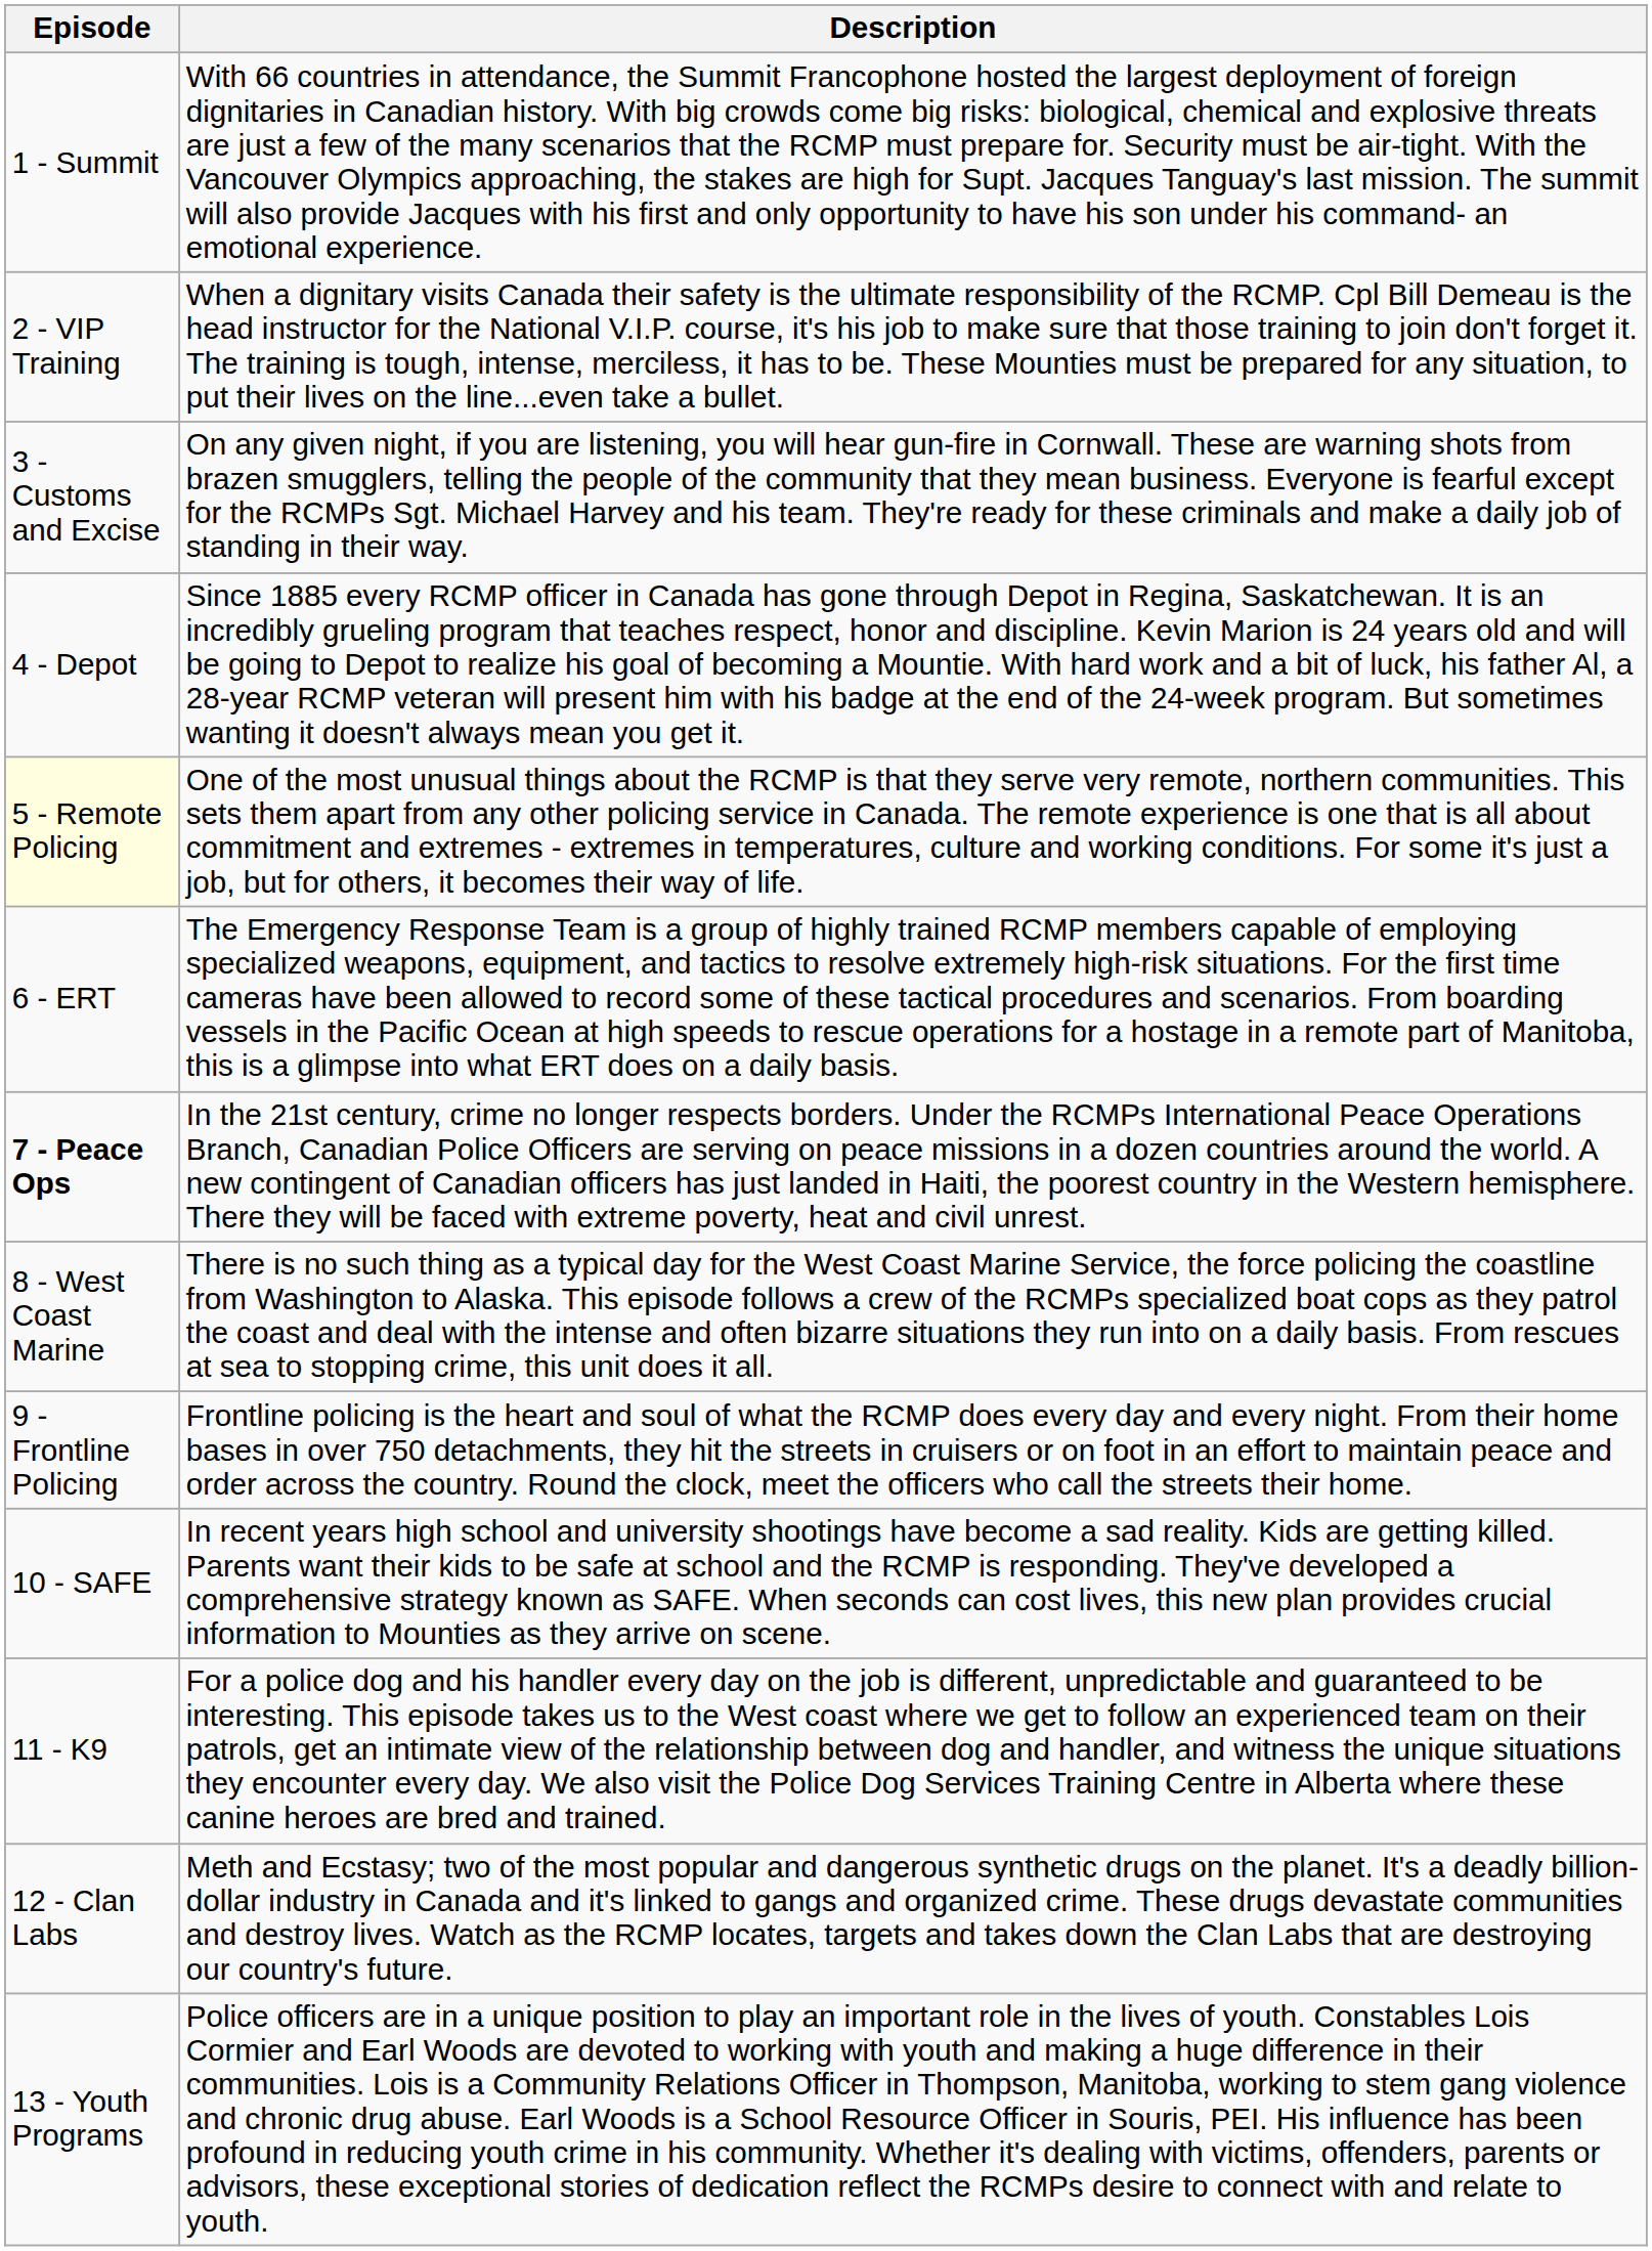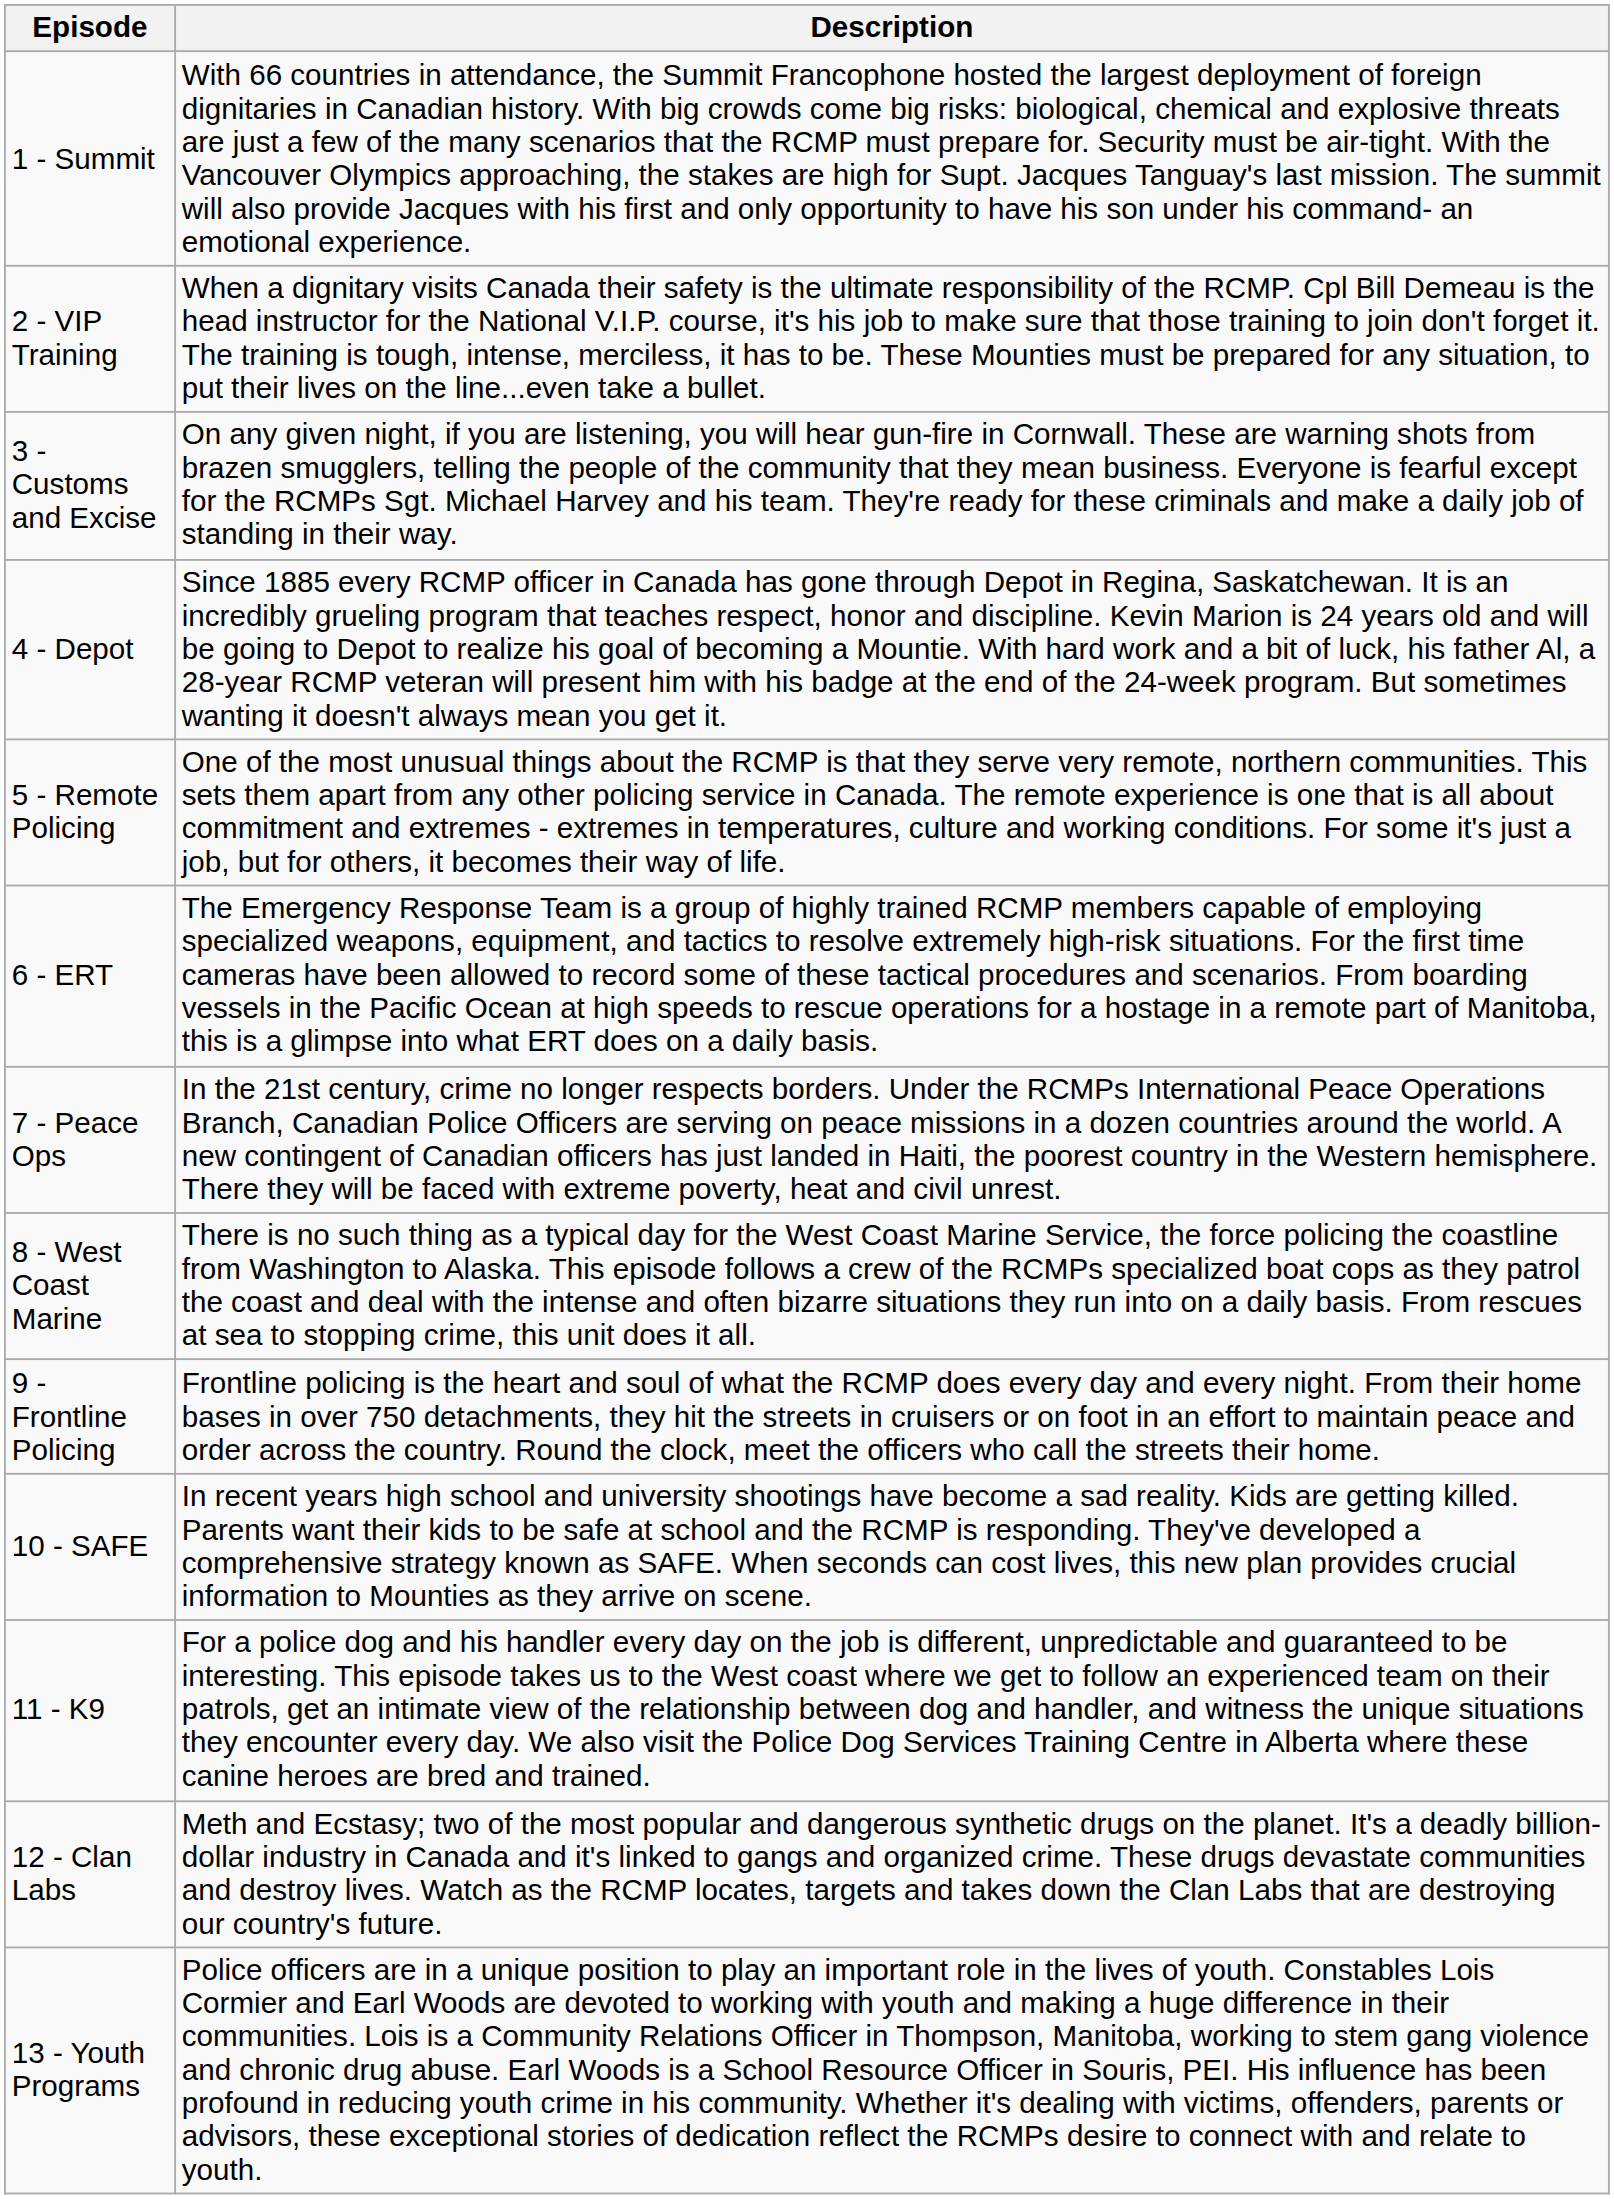 <table class="wikitable">
 <tr>
 <th>Episode</th>
 <th>Description</th>
 </tr>
 <tr>
 <td>1 - Summit</td>
 <td>With 66 countries in attendance, the Summit Francophone hosted the largest deployment of foreign dignitaries in Canadian history. With big crowds come big risks: biological, chemical and explosive threats are just a few of the many scenarios that the RCMP must prepare for. Security must be air-tight. With the Vancouver Olympics approaching, the stakes are high for Supt. Jacques Tanguay's last mission. The summit will also provide Jacques with his first and only opportunity to have his son under his command- an emotional experience.</td>
 </tr>
 <tr>
 <td>2 - VIP Training</td>
 <td>When a dignitary visits Canada their safety is the ultimate responsibility of the RCMP. Cpl Bill Demeau is the head instructor for the National V.I.P. course, it's his job to make sure that those training to join don't forget it. The training is tough, intense, merciless, it has to be. These Mounties must be prepared for any situation, to put their lives on the line...even take a bullet.</td>
 </tr>
 <tr>
 <td>3 - Customs and Excise</td>
 <td>On any given night, if you are listening, you will hear gun-fire in Cornwall. These are warning shots from brazen smugglers, telling the people of the community that they mean business. Everyone is fearful except for the RCMPs Sgt. Michael Harvey and his team. They're ready for these criminals and make a daily job of standing in their way.</td>
 </tr>
 <tr>
 <td>4 - Depot</td>
 <td>Since 1885 every RCMP officer in Canada has gone through Depot in Regina, Saskatchewan. It is an incredibly grueling program that teaches respect, honor and discipline. Kevin Marion is 24 years old and will be going to Depot to realize his goal of becoming a Mountie. With hard work and a bit of luck, his father Al, a 28-year RCMP veteran will present him with his badge at the end of the 24-week program. But sometimes wanting it doesn't always mean you get it.</td>
 </tr>
 <tr>
-<td style="background: lightyellow;">5 - Remote Policing</td>
+<td>5 - Remote Policing</td>
 <td>One of the most unusual things about the RCMP is that they serve very remote, northern communities. This sets them apart from any other policing service in Canada. The remote experience is one that is all about commitment and extremes - extremes in temperatures, culture and working conditions. For some it's just a job, but for others, it becomes their way of life.</td>
 </tr>
 <tr>
 <td>6 - ERT</td>
 <td>The Emergency Response Team is a group of highly trained RCMP members capable of employing specialized weapons, equipment, and tactics to resolve extremely high-risk situations. For the first time cameras have been allowed to record some of these tactical procedures and scenarios. From boarding vessels in the Pacific Ocean at high speeds to rescue operations for a hostage in a remote part of Manitoba, this is a glimpse into what ERT does on a daily basis.</td>
 </tr>
 <tr>
-<td><strong>7 - Peace Ops</strong></td>
+<td>7 - Peace Ops</td>
 <td>In the 21st century, crime no longer respects borders. Under the RCMPs International Peace Operations Branch, Canadian Police Officers are serving on peace missions in a dozen countries around the world. A new contingent of Canadian officers has just landed in Haiti, the poorest country in the Western hemisphere. There they will be faced with extreme poverty, heat and civil unrest.</td>
 </tr>
 <tr>
 <td>8 - West Coast Marine</td>
 <td>There is no such thing as a typical day for the West Coast Marine Service, the force policing the coastline from Washington to Alaska. This episode follows a crew of the RCMPs specialized boat cops as they patrol the coast and deal with the intense and often bizarre situations they run into on a daily basis. From rescues at sea to stopping crime, this unit does it all.</td>
 </tr>
 <tr>
 <td>9 - Frontline Policing</td>
 <td>Frontline policing is the heart and soul of what the RCMP does every day and every night. From their home bases in over 750 detachments, they hit the streets in cruisers or on foot in an effort to maintain peace and order across the country. Round the clock, meet the officers who call the streets their home.</td>
 </tr>
 <tr>
 <td>10 - SAFE</td>
 <td>In recent years high school and university shootings have become a sad reality. Kids are getting killed. Parents want their kids to be safe at school and the RCMP is responding. They've developed a comprehensive strategy known as SAFE. When seconds can cost lives, this new plan provides crucial information to Mounties as they arrive on scene.</td>
 </tr>
 <tr>
 <td>11 - K9</td>
 <td>For a police dog and his handler every day on the job is different, unpredictable and guaranteed to be interesting. This episode takes us to the West coast where we get to follow an experienced team on their patrols, get an intimate view of the relationship between dog and handler, and witness the unique situations they encounter every day. We also visit the Police Dog Services Training Centre in Alberta where these canine heroes are bred and trained.</td>
 </tr>
 <tr>
 <td>12 - Clan Labs</td>
 <td>Meth and Ecstasy; two of the most popular and dangerous synthetic drugs on the planet. It's a deadly billion-dollar industry in Canada and it's linked to gangs and organized crime. These drugs devastate communities and destroy lives. Watch as the RCMP locates, targets and takes down the Clan Labs that are destroying our country's future.</td>
 </tr>
 <tr>
 <td>13 - Youth Programs</td>
 <td>Police officers are in a unique position to play an important role in the lives of youth. Constables Lois Cormier and Earl Woods are devoted to working with youth and making a huge difference in their communities. Lois is a Community Relations Officer in Thompson, Manitoba, working to stem gang violence and chronic drug abuse. Earl Woods is a School Resource Officer in Souris, PEI. His influence has been profound in reducing youth crime in his community. Whether it's dealing with victims, offenders, parents or advisors, these exceptional stories of dedication reflect the RCMPs desire to connect with and relate to youth.</td>
 </tr>
 </table>
